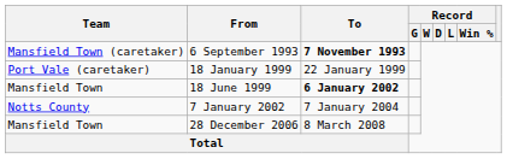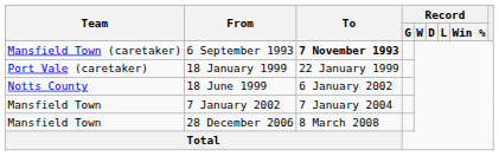 <table class="wikitable" style="text-align: center">
 <tr>
 <th rowspan=2>Team</th>
 <th rowspan=2>From</th>
 <th rowspan=2>To</th>
 <th colspan=5>Record</th>
 <th rowspan=2></th>
 </tr>
 <tr>
 <th>G</th>
 <th>W</th>
 <th>D</th>
 <th>L</th>
 <th>Win %</th>
 </tr>
 <tr>
 <td align=left><a href='#'>Mansfield Town</a> (caretaker)</td>
 <td align=left>6 September 1993</td>
 <td align=left><strong>7 November 1993<br></strong></td>
 <td></td>
 </tr>
 <tr>
 <td align=left><a href='#'>Port Vale</a> (caretaker)</td>
 <td align=left>18 January 1999</td>
 <td align=left>22 January 1999<br></td>
 <td></td>
 </tr>
 <tr>
-<td align=left>Mansfield Town</td>
+<td align=left><a href='#'>Notts County</a></td>
 <td align=left>18 June 1999</td>
-<td align=left><strong>6 January 2002<br></strong></td>
+<td align=left>6 January 2002<br></td>
 <td></td>
 </tr>
 <tr>
-<td align=left><a href='#'>Notts County</a></td>
+<td align=left>Mansfield Town</td>
 <td align=left>7 January 2002</td>
 <td align=left>7 January 2004<br></td>
 <td></td>
 </tr>
 <tr>
 <td align=left>Mansfield Town</td>
 <td align=left>28 December 2006</td>
 <td align=left>8 March 2008<br></td>
 <td></td>
 </tr>
 <tr>
 <th colspan=3>Total<br></th>
 </tr>
 </table>
